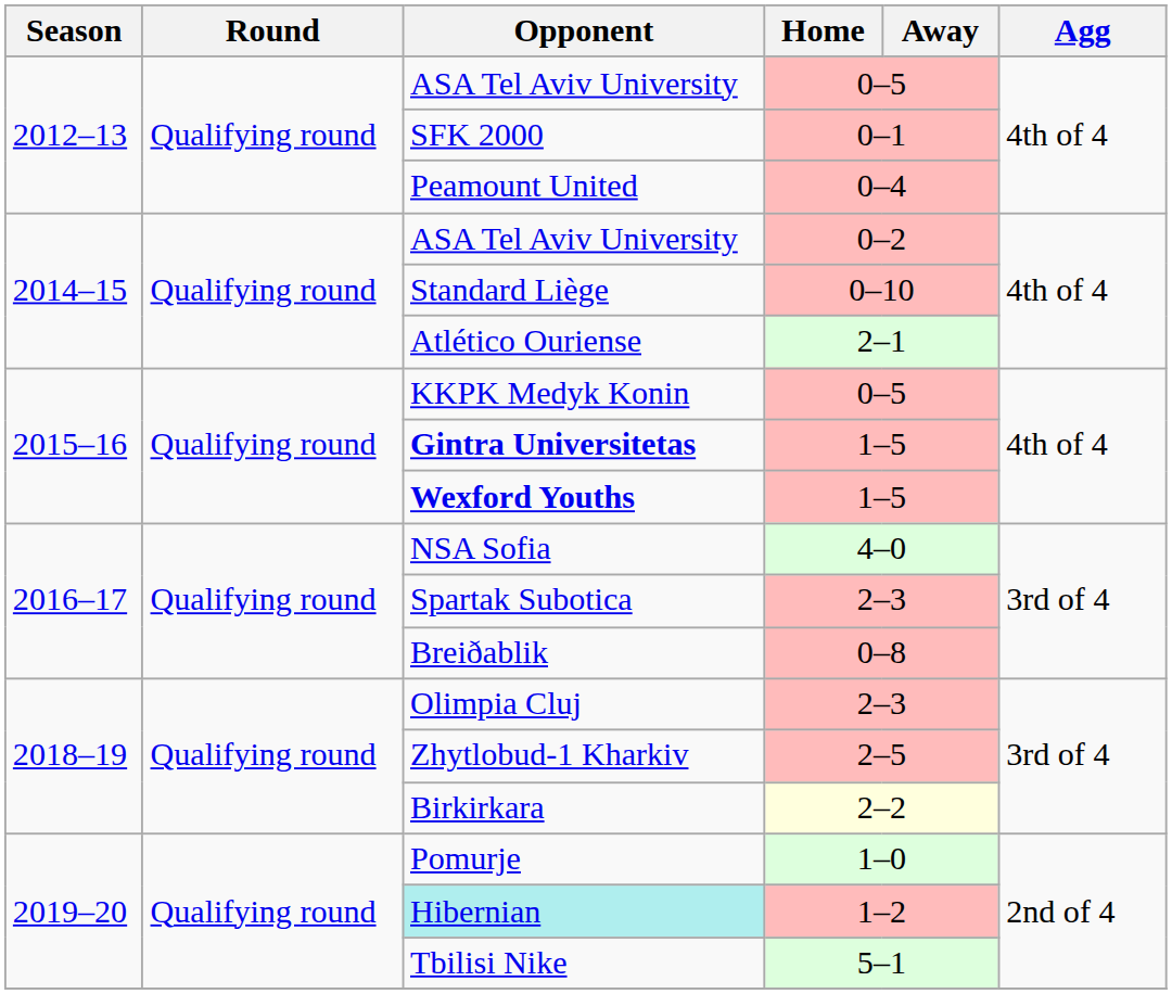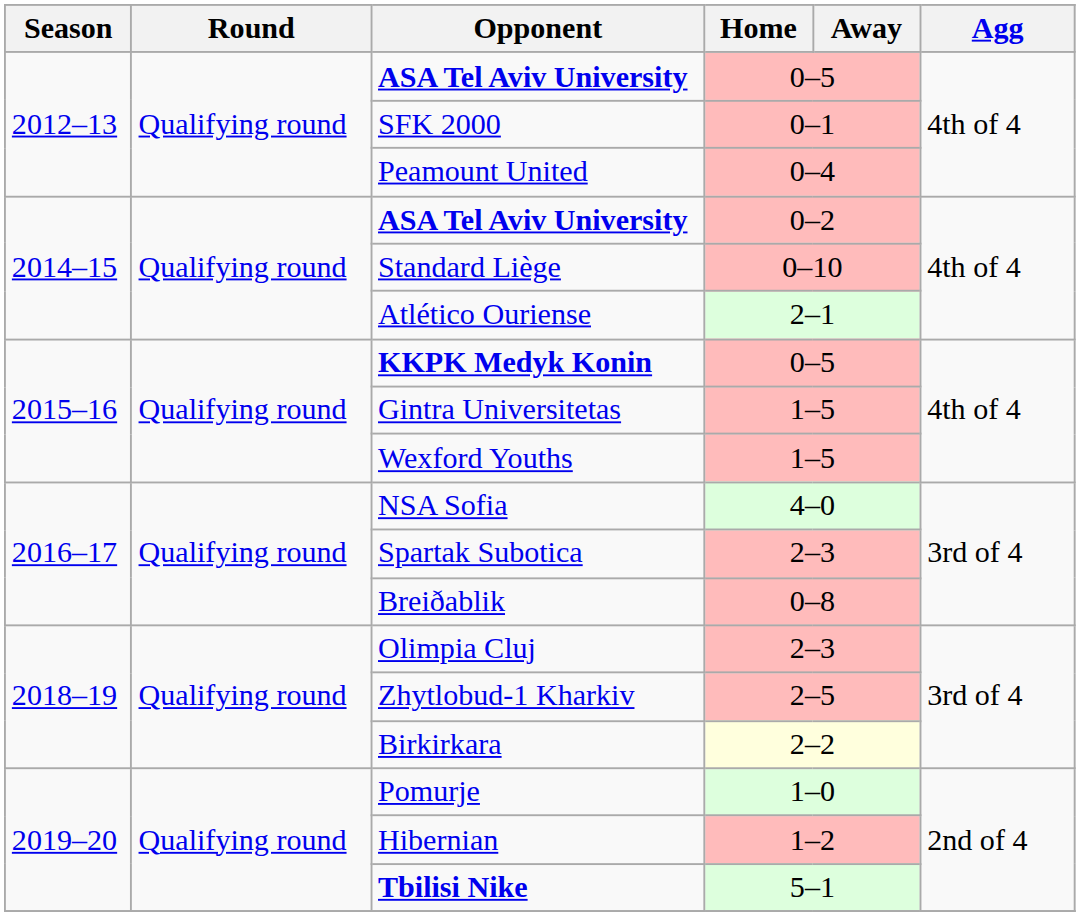 <table class="wikitable">
 <tr>
 <th width="60">Season</th>
 <th width="120">Round</th>
 <th width="170">Opponent</th>
 <th width="50">Home</th>
 <th width="50">Away</th>
 <th width="75"><a href='#'>Agg</a></th>
 </tr>
 <tr>
 <td rowspan=3><a href='#'>2012–13</a></td>
 <td rowspan="3"><a href='#'>Qualifying round</a></td>
-<td> <a href='#'>ASA Tel Aviv University</a></td>
+<td><strong> <a href='#'>ASA Tel Aviv University</a></strong></td>
 <td colspan="2" bgcolor="#ffbbbb" style="text-align:center;">0–5</td>
 <td rowspan="3">4th of 4</td>
 </tr>
 <tr>
 <td> <a href='#'>SFK 2000</a></td>
 <td colspan="2" bgcolor="#ffbbbb" style="text-align:center;">0–1</td>
 </tr>
 <tr>
 <td> <a href='#'>Peamount United</a></td>
 <td colspan="2" bgcolor="#ffbbbb" style="text-align:center;">0–4</td>
 </tr>
 <tr>
 <td rowspan=3><a href='#'>2014–15</a></td>
 <td rowspan="3"><a href='#'>Qualifying round</a></td>
-<td> <a href='#'>ASA Tel Aviv University</a></td>
+<td><strong> <a href='#'>ASA Tel Aviv University</a></strong></td>
 <td colspan="2" bgcolor="#ffbbbb" style="text-align:center;">0–2</td>
 <td rowspan="3">4th of 4</td>
 </tr>
 <tr>
 <td> <a href='#'>Standard Liège</a></td>
 <td colspan="2" bgcolor="#ffbbbb" style="text-align:center;">0–10</td>
 </tr>
 <tr>
 <td> <a href='#'>Atlético Ouriense</a></td>
 <td colspan="2" bgcolor="#ddffdd" style="text-align:center;">2–1</td>
 </tr>
 <tr>
 <td rowspan=3><a href='#'>2015–16</a></td>
 <td rowspan="3"><a href='#'>Qualifying round</a></td>
-<td> <a href='#'>KKPK Medyk Konin</a></td>
+<td><strong> <a href='#'>KKPK Medyk Konin</a></strong></td>
 <td colspan="2" bgcolor="#ffbbbb" style="text-align:center;">0–5</td>
 <td rowspan="3">4th of 4</td>
 </tr>
 <tr>
-<td><strong> <a href='#'>Gintra Universitetas</a></strong></td>
+<td> <a href='#'>Gintra Universitetas</a></td>
 <td colspan="2" bgcolor="#ffbbbb" style="text-align:center;">1–5</td>
 </tr>
 <tr>
-<td><strong> <a href='#'>Wexford Youths</a></strong></td>
+<td> <a href='#'>Wexford Youths</a></td>
 <td colspan="2" bgcolor="#ffbbbb" style="text-align:center;">1–5</td>
 </tr>
 <tr>
 <td rowspan=3><a href='#'>2016–17</a></td>
 <td rowspan="3"><a href='#'>Qualifying round</a></td>
 <td> <a href='#'>NSA Sofia</a></td>
 <td colspan="2" bgcolor="#ddffdd" style="text-align:center;">4–0</td>
 <td rowspan="3">3rd of 4</td>
 </tr>
 <tr>
 <td> <a href='#'>Spartak Subotica</a></td>
 <td colspan="2" bgcolor="#ffbbbb" style="text-align:center;">2–3</td>
 </tr>
 <tr>
 <td> <a href='#'>Breiðablik</a></td>
 <td colspan="2" bgcolor="#ffbbbb" style="text-align:center;">0–8</td>
 </tr>
 <tr>
 <td rowspan=3><a href='#'>2018–19</a></td>
 <td rowspan="3"><a href='#'>Qualifying round</a></td>
 <td> <a href='#'>Olimpia Cluj</a></td>
 <td colspan="2" bgcolor="#ffbbbb" style="text-align:center;">2–3</td>
 <td rowspan="3">3rd of 4</td>
 </tr>
 <tr>
 <td> <a href='#'>Zhytlobud-1 Kharkiv</a></td>
 <td colspan="2" bgcolor="#ffbbbb" style="text-align:center;">2–5</td>
 </tr>
 <tr>
 <td> <a href='#'>Birkirkara</a></td>
 <td colspan="2" bgcolor="#ffffdd" style="text-align:center;">2–2</td>
 </tr>
 <tr>
 <td rowspan=3><a href='#'>2019–20</a></td>
 <td rowspan="3"><a href='#'>Qualifying round</a></td>
 <td> <a href='#'>Pomurje</a></td>
 <td colspan="2" bgcolor="#ddffdd" style="text-align:center;">1–0</td>
 <td rowspan="3">2nd of 4</td>
 </tr>
 <tr>
-<td style="background: paleturquoise;"> <a href='#'>Hibernian</a></td>
+<td> <a href='#'>Hibernian</a></td>
 <td colspan="2" bgcolor="#ffbbbb" style="text-align:center;">1–2</td>
 </tr>
 <tr>
-<td> <a href='#'>Tbilisi Nike</a></td>
+<td><strong> <a href='#'>Tbilisi Nike</a></strong></td>
 <td colspan="2" bgcolor="#ddffdd" style="text-align:center;">5–1</td>
 </tr>
 <tr>
 </tr>
 </table>
